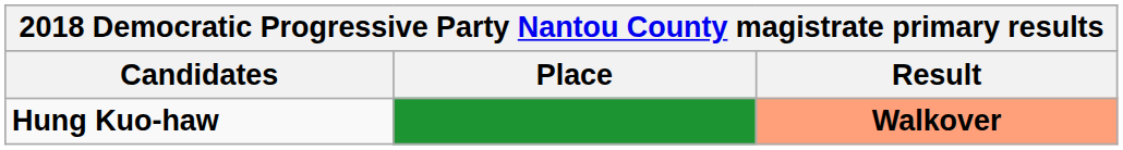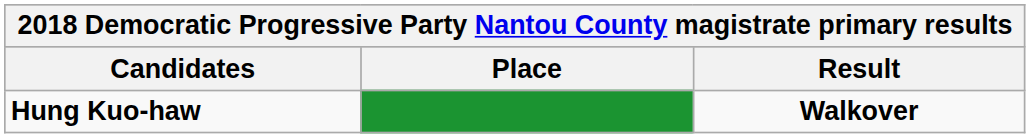 <table class="wikitable collapsible">
 <tr>
 <th colspan="5" width=600>2018 Democratic Progressive Party <a href='#'>Nantou County</a> magistrate primary results</th>
 </tr>
 <tr>
 <th width=80>Candidates</th>
 <th width=80>Place</th>
 <th width=80>Result</th>
 </tr>
 <tr>
 <td><strong>Hung Kuo-haw</strong></td>
 <td style="background: #1B9431; text-align:center"><strong></strong></td>
-<td style="background: lightsalmon; text-align:center"><strong>Walkover</strong></td>
+<td style="text-align:center"><strong>Walkover</strong></td>
 </tr>
 </table>
